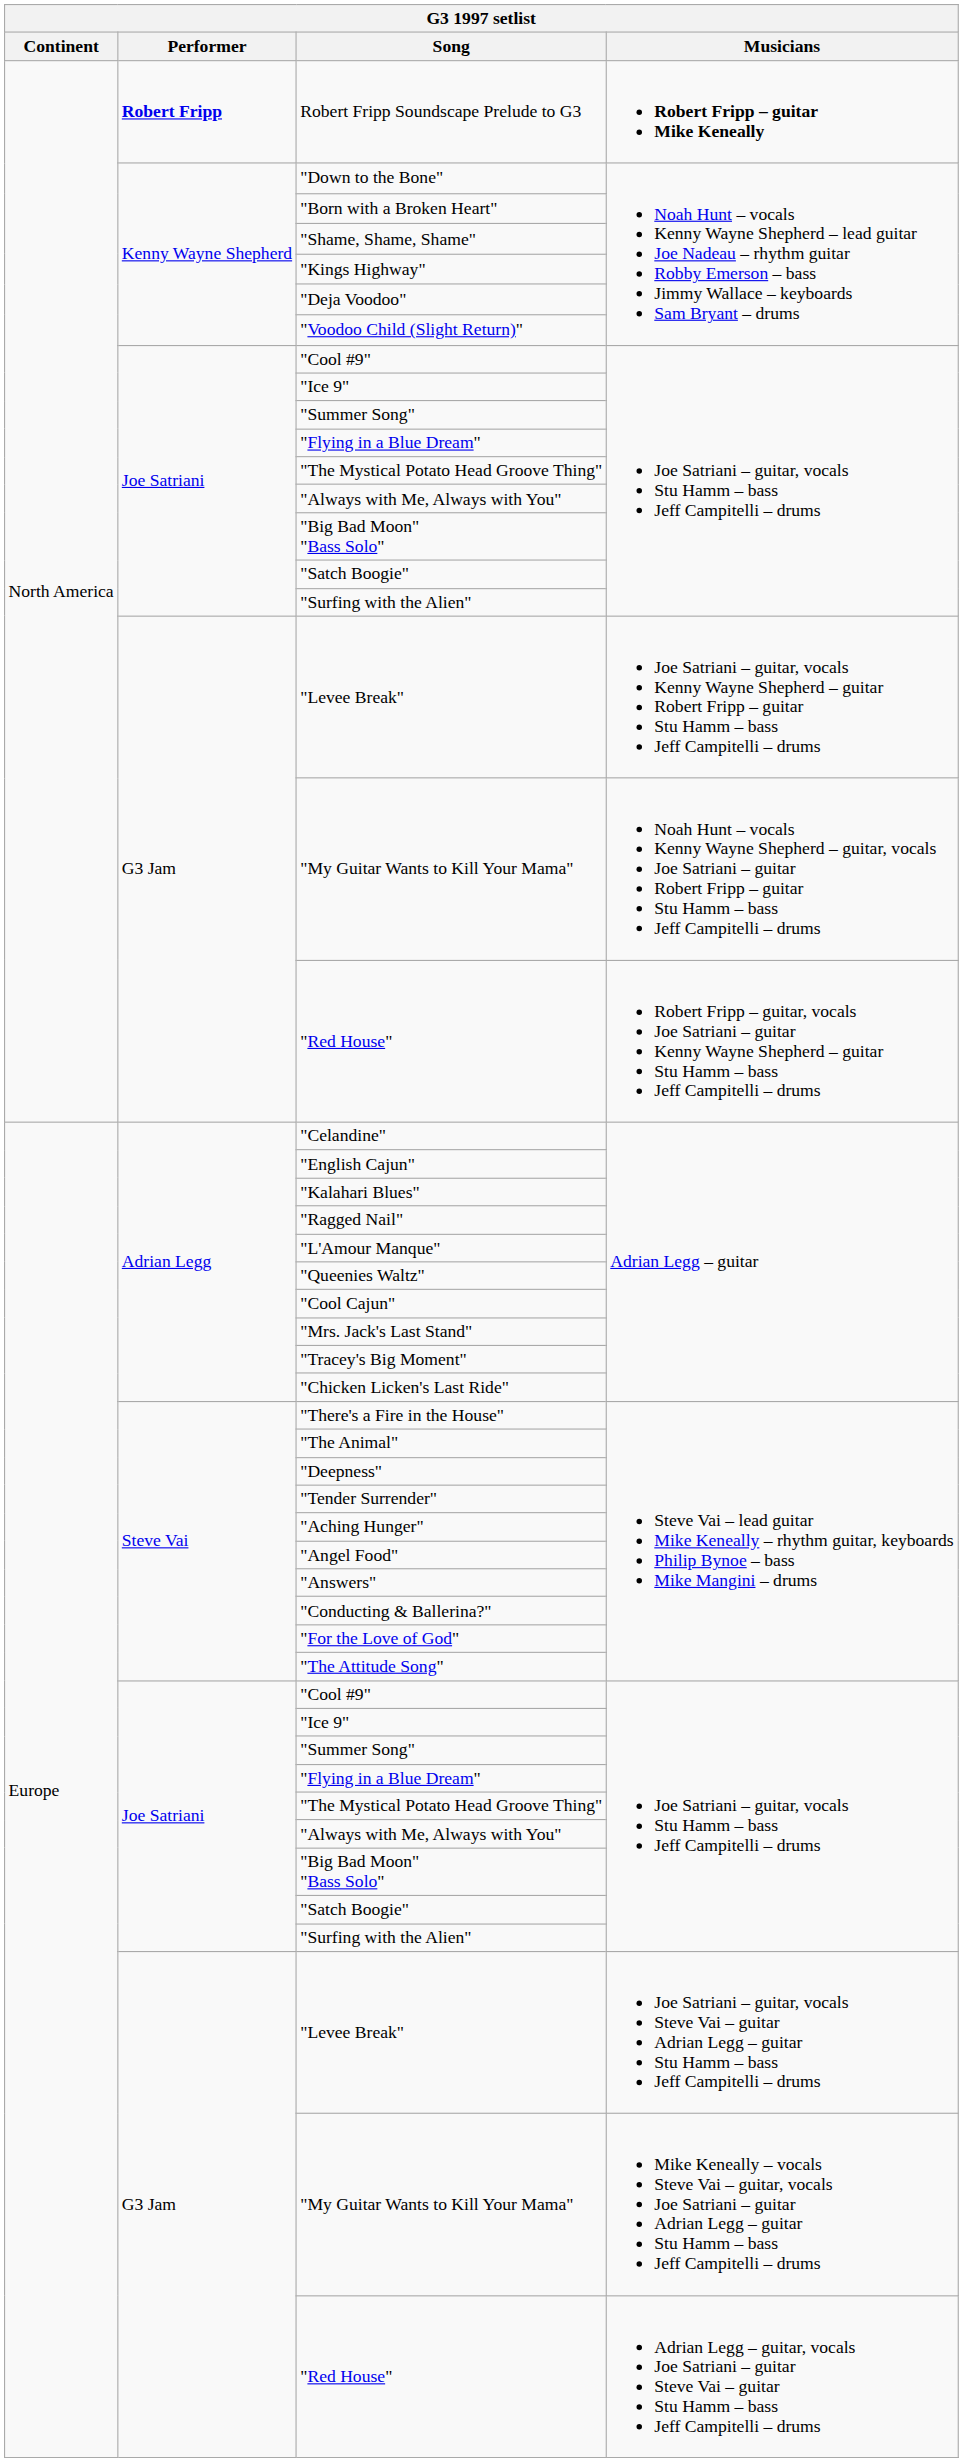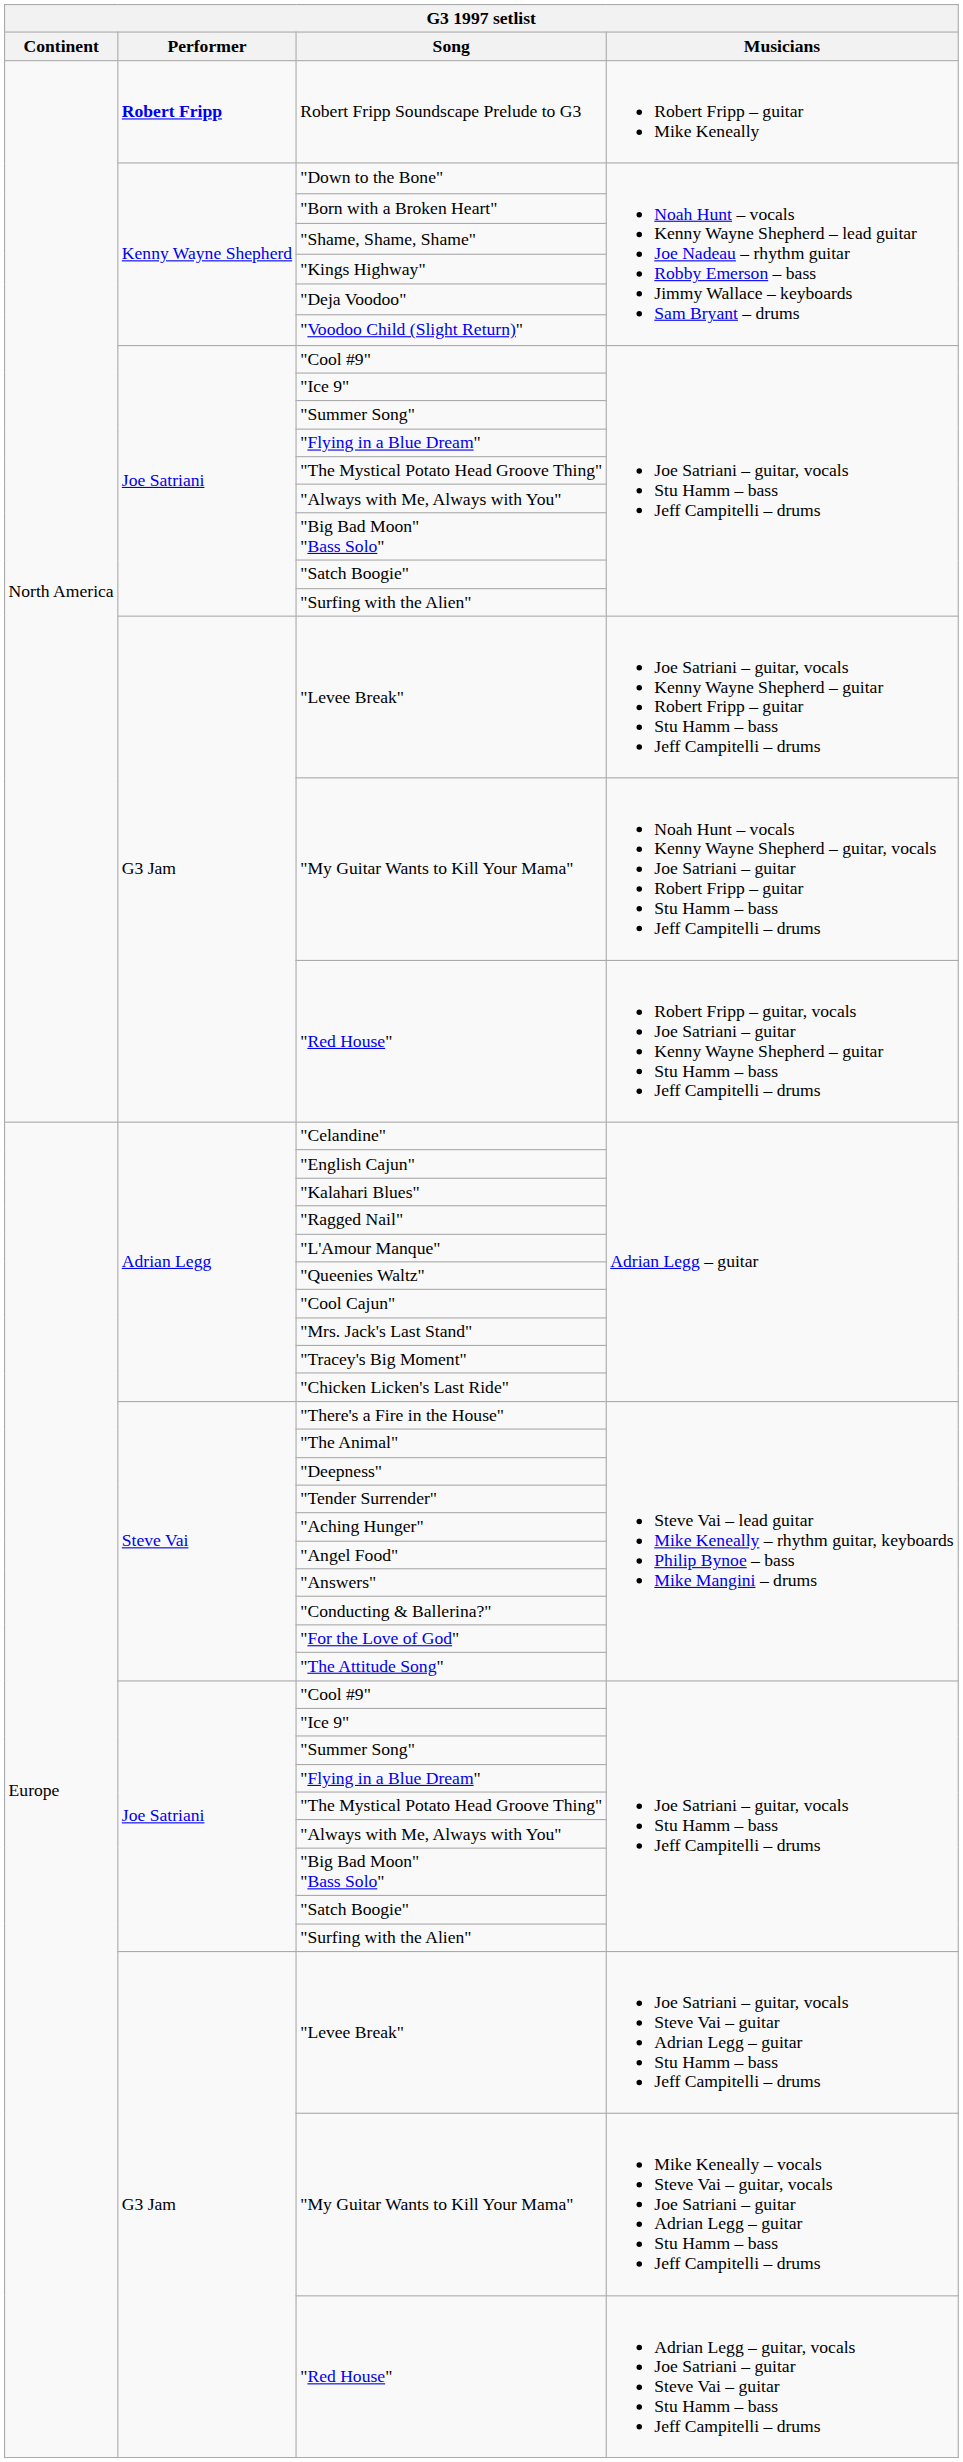 <table class="wikitable collapsible collapsed">
 <tr>
 <th colspan="4">G3 1997 setlist</th>
 </tr>
 <tr>
 <th>Continent</th>
 <th>Performer</th>
 <th>Song</th>
 <th>Musicians</th>
 </tr>
 <tr>
 <td rowspan=19>North America</td>
 <td><strong><a href='#'>Robert Fripp</a></strong></td>
 <td>Robert Fripp Soundscape Prelude to G3</td>
-<td><strong><br><ul><li>Robert Fripp – guitar</li><li>Mike Keneally</li></ul></strong></td>
+<td><br><ul><li>Robert Fripp – guitar</li><li>Mike Keneally</li></ul></td>
 </tr>
 <tr>
 <td rowspan=6><a href='#'>Kenny Wayne Shepherd</a></td>
 <td>"Down to the Bone"</td>
 <td rowspan=6><br><ul><li><a href='#'>Noah Hunt</a> – vocals</li><li>Kenny Wayne Shepherd – lead guitar</li><li><a href='#'>Joe Nadeau</a> – rhythm guitar</li><li><a href='#'>Robby Emerson</a> – bass</li><li>Jimmy Wallace – keyboards</li><li><a href='#'>Sam Bryant</a> – drums</li></ul></td>
 </tr>
 <tr>
 <td>"Born with a Broken Heart"</td>
 </tr>
 <tr>
 <td>"Shame, Shame, Shame"</td>
 </tr>
 <tr>
 <td>"Kings Highway"</td>
 </tr>
 <tr>
 <td>"Deja Voodoo"</td>
 </tr>
 <tr>
 <td>"<a href='#'>Voodoo Child (Slight Return)</a>"</td>
 </tr>
 <tr>
 <td rowspan=9><a href='#'>Joe Satriani</a></td>
 <td>"Cool #9"</td>
 <td rowspan=9><br><ul><li>Joe Satriani – guitar, vocals</li><li>Stu Hamm – bass</li><li>Jeff Campitelli – drums</li></ul></td>
 </tr>
 <tr>
 <td>"Ice 9"</td>
 </tr>
 <tr>
 <td>"Summer Song"</td>
 </tr>
 <tr>
 <td>"<a href='#'>Flying in a Blue Dream</a>"</td>
 </tr>
 <tr>
 <td>"The Mystical Potato Head Groove Thing"</td>
 </tr>
 <tr>
 <td>"Always with Me, Always with You"</td>
 </tr>
 <tr>
 <td>"Big Bad Moon"<br>"<a href='#'>Bass Solo</a>"</td>
 </tr>
 <tr>
 <td>"Satch Boogie"</td>
 </tr>
 <tr>
 <td>"Surfing with the Alien"</td>
 </tr>
 <tr>
 <td rowspan=3>G3 Jam</td>
 <td>"Levee Break"</td>
 <td><br><ul><li>Joe Satriani – guitar, vocals</li><li>Kenny Wayne Shepherd – guitar</li><li>Robert Fripp – guitar</li><li>Stu Hamm – bass</li><li>Jeff Campitelli – drums</li></ul></td>
 </tr>
 <tr>
 <td>"My Guitar Wants to Kill Your Mama"</td>
 <td><br><ul><li>Noah Hunt – vocals</li><li>Kenny Wayne Shepherd – guitar, vocals</li><li>Joe Satriani – guitar</li><li>Robert Fripp – guitar</li><li>Stu Hamm – bass</li><li>Jeff Campitelli – drums</li></ul></td>
 </tr>
 <tr>
 <td>"<a href='#'>Red House</a>"</td>
 <td><br><ul><li>Robert Fripp – guitar, vocals</li><li>Joe Satriani – guitar</li><li>Kenny Wayne Shepherd – guitar</li><li>Stu Hamm – bass</li><li>Jeff Campitelli – drums</li></ul></td>
 </tr>
 <tr>
 <td rowspan=32>Europe</td>
 <td rowspan=10><a href='#'>Adrian Legg</a></td>
 <td>"Celandine"</td>
 <td rowspan=10><a href='#'>Adrian Legg</a> – guitar</td>
 </tr>
 <tr>
 <td>"English Cajun"</td>
 </tr>
 <tr>
 <td>"Kalahari Blues"</td>
 </tr>
 <tr>
 <td>"Ragged Nail"</td>
 </tr>
 <tr>
 <td>"L'Amour Manque"</td>
 </tr>
 <tr>
 <td>"Queenies Waltz"</td>
 </tr>
 <tr>
 <td>"Cool Cajun"</td>
 </tr>
 <tr>
 <td>"Mrs. Jack's Last Stand"</td>
 </tr>
 <tr>
 <td>"Tracey's Big Moment"</td>
 </tr>
 <tr>
 <td>"Chicken Licken's Last Ride"</td>
 </tr>
 <tr>
 <td rowspan=10><a href='#'>Steve Vai</a></td>
 <td>"There's a Fire in the House"</td>
 <td rowspan=10><br><ul><li>Steve Vai – lead guitar</li><li><a href='#'>Mike Keneally</a> – rhythm guitar, keyboards</li><li><a href='#'>Philip Bynoe</a> – bass</li><li><a href='#'>Mike Mangini</a> – drums</li></ul></td>
 </tr>
 <tr>
 <td>"The Animal"</td>
 </tr>
 <tr>
 <td>"Deepness"</td>
 </tr>
 <tr>
 <td>"Tender Surrender"</td>
 </tr>
 <tr>
 <td>"Aching Hunger"</td>
 </tr>
 <tr>
 <td>"Angel Food"</td>
 </tr>
 <tr>
 <td>"Answers"</td>
 </tr>
 <tr>
 <td>"Conducting & Ballerina?"</td>
 </tr>
 <tr>
 <td>"<a href='#'>For the Love of God</a>"</td>
 </tr>
 <tr>
 <td>"<a href='#'>The Attitude Song</a>"</td>
 </tr>
 <tr>
 <td rowspan=9><a href='#'>Joe Satriani</a></td>
 <td>"Cool #9"</td>
 <td rowspan=9><br><ul><li>Joe Satriani – guitar, vocals</li><li>Stu Hamm – bass</li><li>Jeff Campitelli – drums</li></ul></td>
 </tr>
 <tr>
 <td>"Ice 9"</td>
 </tr>
 <tr>
 <td>"Summer Song"</td>
 </tr>
 <tr>
 <td>"<a href='#'>Flying in a Blue Dream</a>"</td>
 </tr>
 <tr>
 <td>"The Mystical Potato Head Groove Thing"</td>
 </tr>
 <tr>
 <td>"Always with Me, Always with You"</td>
 </tr>
 <tr>
 <td>"Big Bad Moon"<br>"<a href='#'>Bass Solo</a>"</td>
 </tr>
 <tr>
 <td>"Satch Boogie"</td>
 </tr>
 <tr>
 <td>"Surfing with the Alien"</td>
 </tr>
 <tr>
 <td rowspan=3>G3 Jam</td>
 <td>"Levee Break"</td>
 <td><br><ul><li>Joe Satriani – guitar, vocals</li><li>Steve Vai – guitar</li><li>Adrian Legg – guitar</li><li>Stu Hamm – bass</li><li>Jeff Campitelli – drums</li></ul></td>
 </tr>
 <tr>
 <td>"My Guitar Wants to Kill Your Mama"</td>
 <td><br><ul><li>Mike Keneally – vocals</li><li>Steve Vai – guitar, vocals</li><li>Joe Satriani – guitar</li><li>Adrian Legg – guitar</li><li>Stu Hamm – bass</li><li>Jeff Campitelli – drums</li></ul></td>
 </tr>
 <tr>
 <td>"<a href='#'>Red House</a>"</td>
 <td><br><ul><li>Adrian Legg – guitar, vocals</li><li>Joe Satriani – guitar</li><li>Steve Vai – guitar</li><li>Stu Hamm – bass</li><li>Jeff Campitelli – drums</li></ul></td>
 </tr>
 </table>
